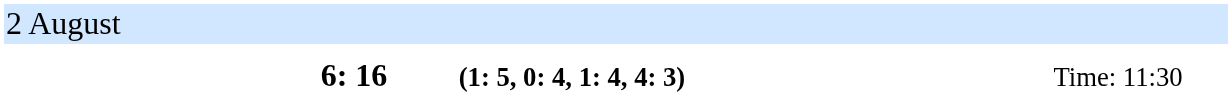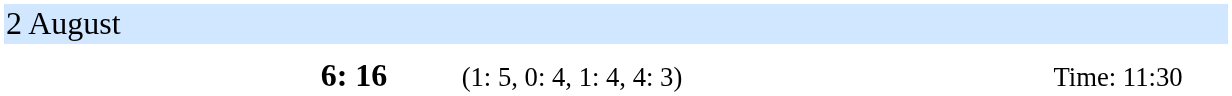 <table style="text-align:center">
 <tr style="text-align:left; background:#d0e7ff;">
 <td colspan=6>2 August</td>
 </tr>
 <tr style="font-size:90%; vertical-align:top;">
 <th width=140></th>
 <th width=60></th>
 <th width=150></th>
 <th width=140></th>
 <th width=100></th>
 </tr>
 <tr>
 <td align=right></td>
 <td><strong>6: 16</strong></td>
-<td><strong><small>(1: 5, 0: 4, 1: 4, 4: 3)</small></strong></td>
+<td><small>(1: 5, 0: 4, 1: 4, 4: 3)</small></td>
 <td align=left></td>
 <td><small>Time: 11:30</small></td>
 <td></td>
 </tr>
 </table>
